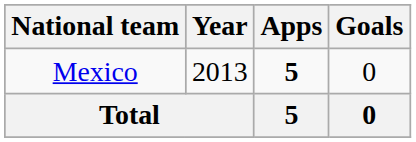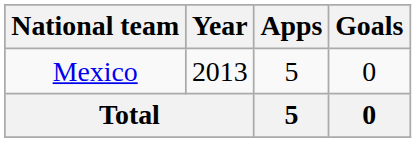 <table class="wikitable" style="text-align: center;">
 <tr>
 <th>National team</th>
 <th>Year</th>
 <th>Apps</th>
 <th>Goals</th>
 </tr>
 <tr>
 <td rowspan="1" valign="center"><a href='#'>Mexico</a></td>
 <td>2013</td>
-<td><strong>5</strong></td>
+<td>5</td>
 <td>0</td>
 </tr>
 <tr>
 <th colspan="2">Total</th>
 <th>5</th>
 <th>0</th>
 </tr>
 </table>
